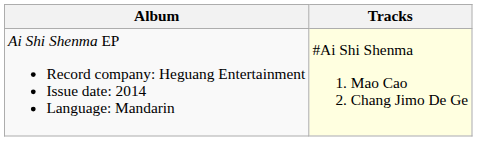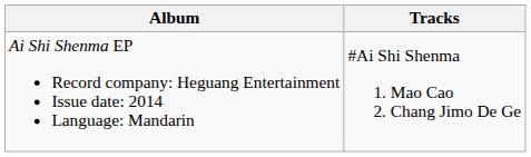 <table class="wikitable">
 <tr>
 <th>Album</th>
 <th>Tracks</th>
 </tr>
 <tr>
 <td><em>Ai Shi Shenma</em> EP<br><ul><li>Record company: Heguang Entertainment</li><li>Issue date: 2014</li><li>Language: Mandarin</li></ul></td>
-<td style="background: lightyellow;">#Ai Shi Shenma<br><ol><li>Mao Cao</li><li>Chang Jimo De Ge</li></ol></td>
+<td>#Ai Shi Shenma<br><ol><li>Mao Cao</li><li>Chang Jimo De Ge</li></ol></td>
 </tr>
 </table>
